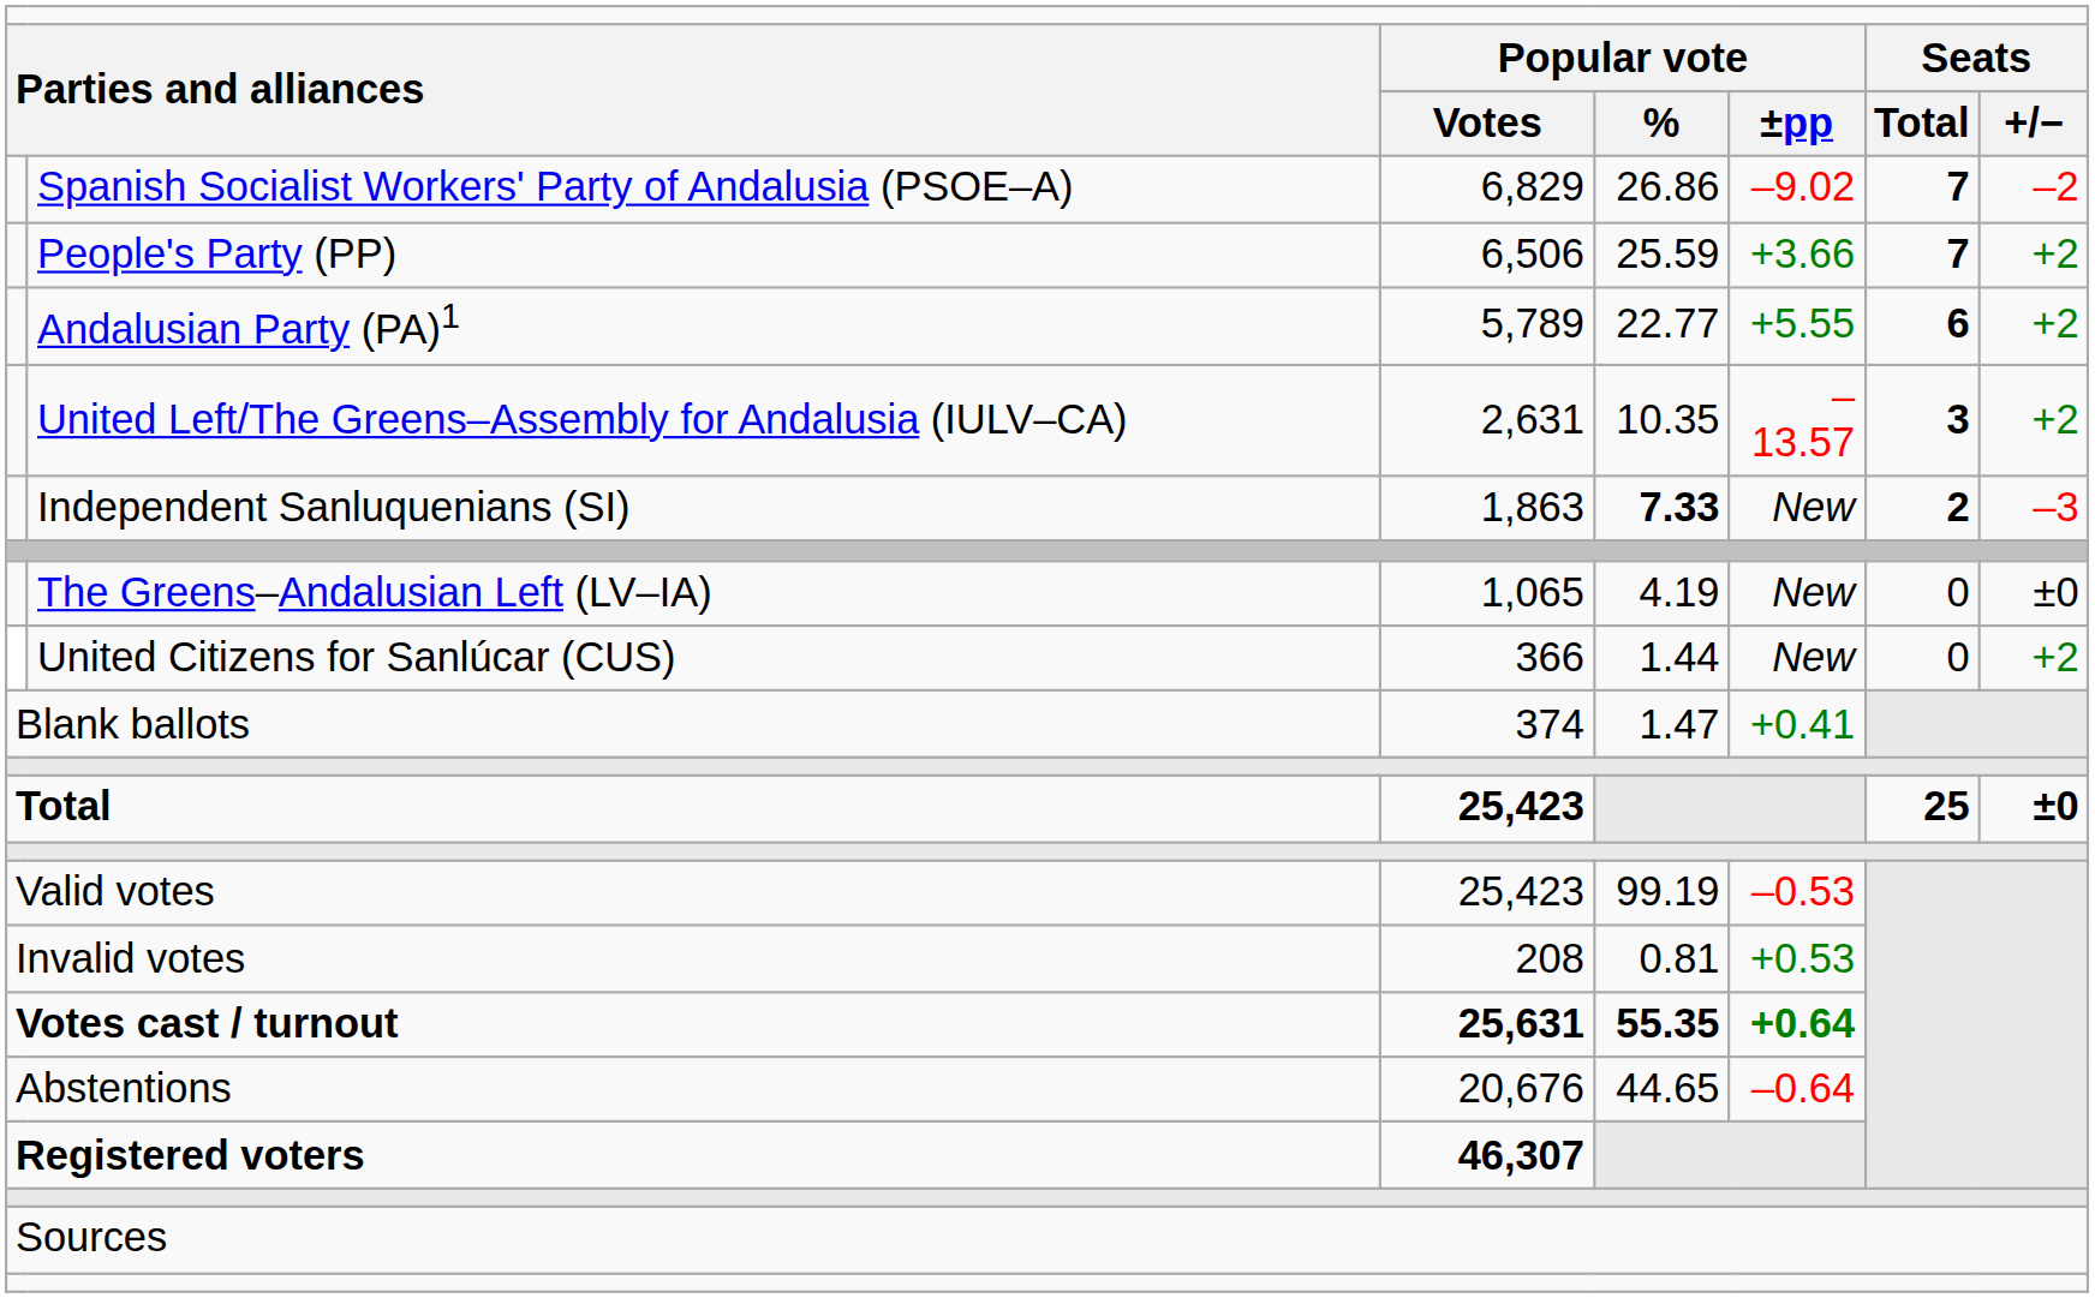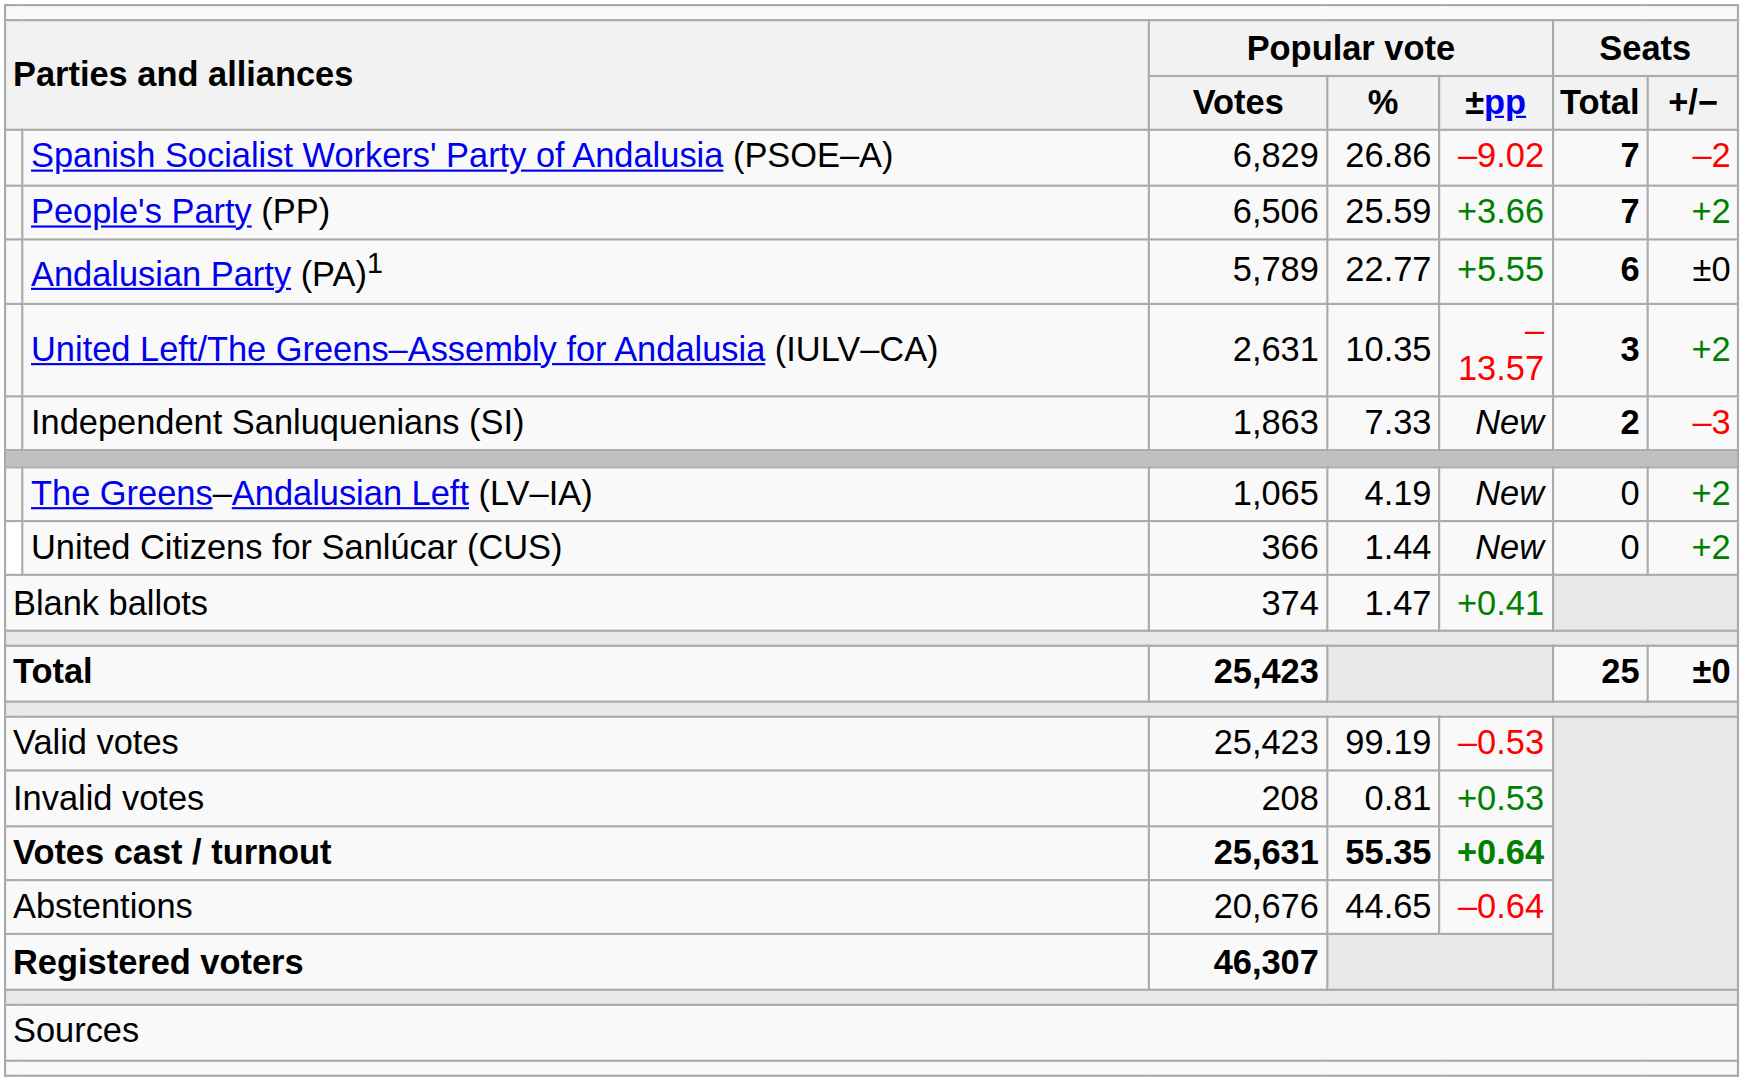 <table class="wikitable" style="text-align:right;">
 <tr>
 <td colspan="7"></td>
 </tr>
 <tr>
 <th style="text-align:left;" rowspan="2" colspan="2" width="525">Parties and alliances</th>
 <th colspan="3">Popular vote</th>
 <th colspan="2">Seats</th>
 </tr>
 <tr>
 <th width="75">Votes</th>
 <th width="45">%</th>
 <th width="45">±<a href='#'>pp</a></th>
 <th width="35">Total</th>
 <th width="35">+/−</th>
 </tr>
 <tr>
 <td width="1" style="color:inherit;background:"></td>
 <td align="left"><a href='#'>Spanish Socialist Workers' Party of Andalusia</a> (PSOE–A)</td>
 <td>6,829</td>
 <td>26.86</td>
 <td style="color:red;">–9.02</td>
 <td><strong>7</strong></td>
 <td style="color:red;">–2</td>
 </tr>
 <tr>
 <td style="color:inherit;background:"></td>
 <td align="left"><a href='#'>People's Party</a> (PP)</td>
 <td>6,506</td>
 <td>25.59</td>
 <td style="color:green;">+3.66</td>
 <td><strong>7</strong></td>
 <td style="color:green;">+2</td>
 </tr>
 <tr>
 <td style="color:inherit;background:"></td>
 <td align="left"><a href='#'>Andalusian Party</a> (PA)<sup>1</sup></td>
 <td>5,789</td>
 <td>22.77</td>
 <td style="color:green;">+5.55</td>
 <td><strong>6</strong></td>
-<td style="color:green;">+2</td>
+<td>±0</td>
 </tr>
 <tr>
 <td style="color:inherit;background:"></td>
 <td align="left"><a href='#'>United Left/The Greens–Assembly for Andalusia</a> (IULV–CA)</td>
 <td>2,631</td>
 <td>10.35</td>
 <td style="color:red;">–13.57</td>
 <td><strong>3</strong></td>
 <td style="color:green;">+2</td>
 </tr>
 <tr>
 <td style="color:inherit;background:"></td>
 <td align="left">Independent Sanluquenians (SI)</td>
 <td>1,863</td>
-<td><strong>7.33</strong></td>
+<td>7.33</td>
 <td><em>New</em></td>
 <td><strong>2</strong></td>
 <td style="color:red;">–3</td>
 </tr>
 <tr>
 <td colspan="7" bgcolor="#C0C0C0"></td>
 </tr>
 <tr>
 <td style="color:inherit;background:"></td>
 <td align="left"><a href='#'>The Greens</a>–<a href='#'>Andalusian Left</a> (LV–IA)</td>
 <td>1,065</td>
 <td>4.19</td>
 <td><em>New</em></td>
 <td>0</td>
-<td>±0</td>
+<td style="color:green;">+2</td>
 </tr>
 <tr>
 <td bgcolor="white"></td>
 <td align="left">United Citizens for Sanlúcar (CUS)</td>
 <td>366</td>
 <td>1.44</td>
 <td><em>New</em></td>
 <td>0</td>
 <td style="color:green;">+2</td>
 </tr>
 <tr>
 <td align="left" colspan="2">Blank ballots</td>
 <td>374</td>
 <td>1.47</td>
 <td style="color:green;">+0.41</td>
 <td bgcolor="#E9E9E9" colspan="2"></td>
 </tr>
 <tr>
 <td colspan="7" bgcolor="#E9E9E9"></td>
 </tr>
 <tr style="font-weight:bold;">
 <td align="left" colspan="2">Total</td>
 <td>25,423</td>
 <td bgcolor="#E9E9E9" colspan="2"></td>
 <td>25</td>
 <td>±0</td>
 </tr>
 <tr>
 <td colspan="7" bgcolor="#E9E9E9"></td>
 </tr>
 <tr>
 <td align="left" colspan="2">Valid votes</td>
 <td>25,423</td>
 <td>99.19</td>
 <td style="color:red;">–0.53</td>
 <td bgcolor="#E9E9E9" colspan="2" rowspan="5"></td>
 </tr>
 <tr>
 <td align="left" colspan="2">Invalid votes</td>
 <td>208</td>
 <td>0.81</td>
 <td style="color:green;">+0.53</td>
 </tr>
 <tr style="font-weight:bold;">
 <td align="left" colspan="2">Votes cast / turnout</td>
 <td>25,631</td>
 <td>55.35</td>
 <td style="color:green;">+0.64</td>
 </tr>
 <tr>
 <td align="left" colspan="2">Abstentions</td>
 <td>20,676</td>
 <td>44.65</td>
 <td style="color:red;">–0.64</td>
 </tr>
 <tr style="font-weight:bold;">
 <td align="left" colspan="2">Registered voters</td>
 <td>46,307</td>
 <td bgcolor="#E9E9E9" colspan="2"></td>
 </tr>
 <tr>
 <td colspan="7" bgcolor="#E9E9E9"></td>
 </tr>
 <tr>
 <td align="left" colspan="7">Sources</td>
 </tr>
 <tr>
 <td colspan="7" style="text-align:left; max-width:790px;"></td>
 </tr>
 </table>
